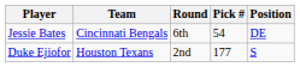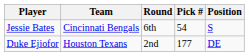 <table class="wikitable">
 <tr>
 <th>Player</th>
 <th>Team</th>
 <th>Round</th>
 <th>Pick #</th>
 <th>Position</th>
 </tr>
 <tr>
 <td><a href='#'>Jessie Bates</a></td>
 <td><a href='#'>Cincinnati Bengals</a></td>
 <td>6th</td>
 <td>54</td>
-<td><a href='#'>DE</a></td>
+<td><a href='#'>S</a></td>
 </tr>
 <tr>
 <td><a href='#'>Duke Ejiofor</a></td>
 <td><a href='#'>Houston Texans</a></td>
 <td>2nd</td>
 <td>177</td>
-<td><a href='#'>S</a></td>
+<td><a href='#'>DE</a></td>
 </tr>
 </table>
